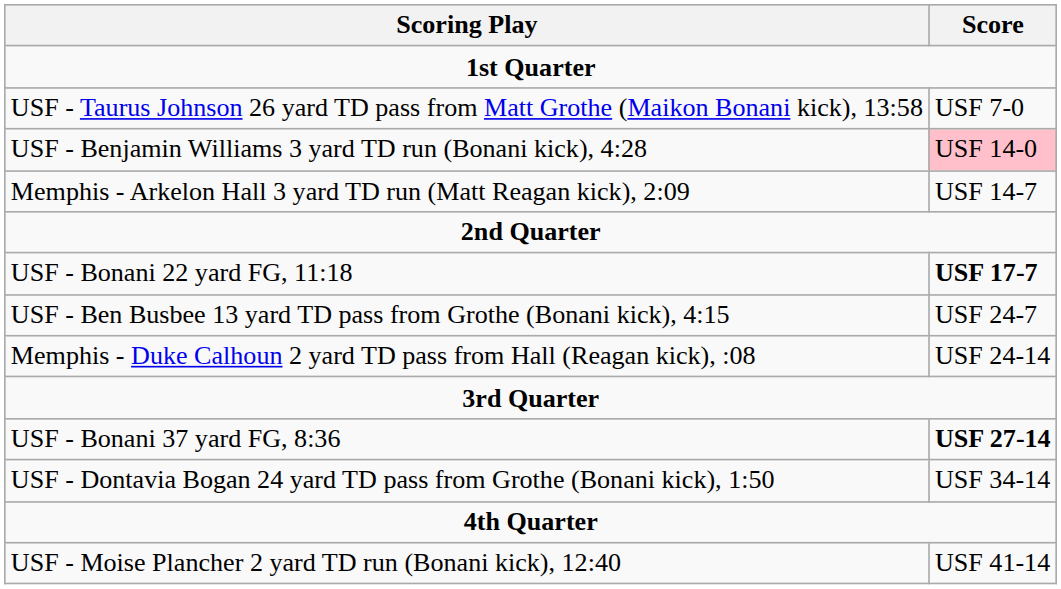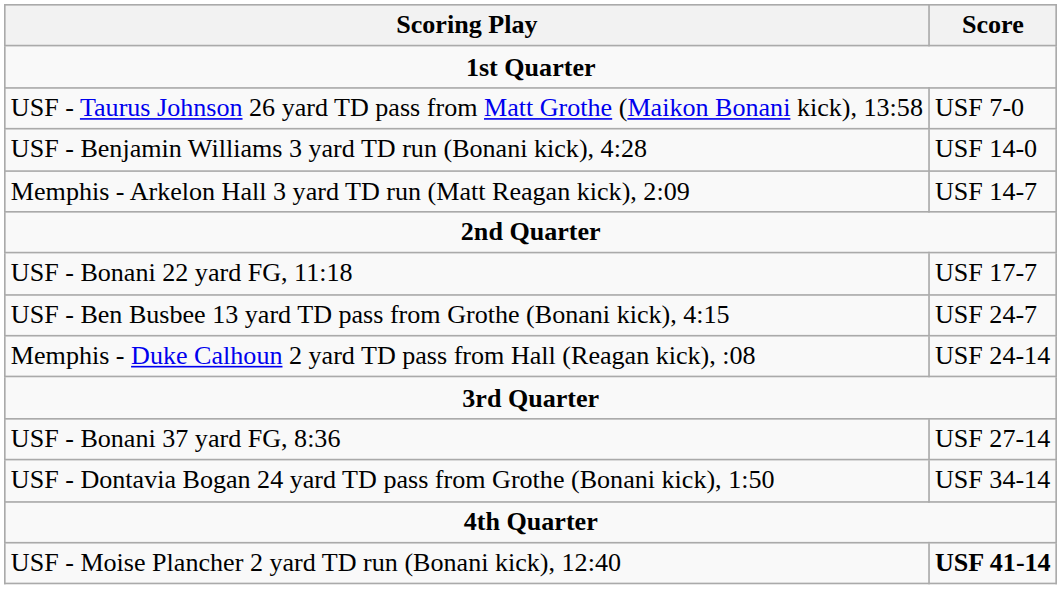 <table class="wikitable">
 <tr>
 <th>Scoring Play</th>
 <th>Score</th>
 </tr>
 <tr>
 <td colspan="4" align="center"><strong>1st Quarter</strong></td>
 </tr>
 <tr>
 <td>USF - <a href='#'>Taurus Johnson</a> 26 yard TD pass from <a href='#'>Matt Grothe</a> (<a href='#'>Maikon Bonani</a> kick), 13:58</td>
 <td>USF 7-0</td>
 </tr>
 <tr>
 <td>USF - Benjamin Williams 3 yard TD run (Bonani kick), 4:28</td>
-<td style="background: pink;">USF 14-0</td>
+<td>USF 14-0</td>
 </tr>
 <tr>
 <td>Memphis - Arkelon Hall 3 yard TD run (Matt Reagan kick), 2:09</td>
 <td>USF 14-7</td>
 </tr>
 <tr>
 <td colspan="4" align="center"><strong>2nd Quarter</strong></td>
 </tr>
 <tr>
 <td>USF - Bonani 22 yard FG, 11:18</td>
-<td><strong>USF 17-7</strong></td>
+<td>USF 17-7</td>
 </tr>
 <tr>
 <td>USF - Ben Busbee 13 yard TD pass from Grothe (Bonani kick), 4:15</td>
 <td>USF 24-7</td>
 </tr>
 <tr>
 <td>Memphis - <a href='#'>Duke Calhoun</a> 2 yard TD pass from Hall (Reagan kick), :08</td>
 <td>USF 24-14</td>
 </tr>
 <tr>
 <td colspan="4" align="center"><strong>3rd Quarter</strong></td>
 </tr>
 <tr>
 <td>USF - Bonani 37 yard FG, 8:36</td>
-<td><strong>USF 27-14</strong></td>
+<td>USF 27-14</td>
 </tr>
 <tr>
 <td>USF - Dontavia Bogan 24 yard TD pass from Grothe (Bonani kick), 1:50</td>
 <td>USF 34-14</td>
 </tr>
 <tr>
 <td colspan="4" align="center"><strong>4th Quarter</strong></td>
 </tr>
 <tr>
 <td>USF - Moise Plancher 2 yard TD run (Bonani kick), 12:40</td>
-<td>USF 41-14</td>
+<td><strong>USF 41-14</strong></td>
 </tr>
 </table>
